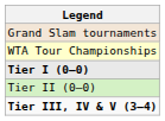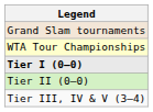 <table class="wikitable sortable">
 <tr>
 <th>Legend</th>
 </tr>
 <tr>
 <td bgcolor=#f3e6d7>Grand Slam tournaments</td>
 </tr>
 <tr>
 <td bgcolor=#ffffcc>WTA Tour Championships</td>
 </tr>
 <tr>
 <td bgcolor=#e9e9e9><strong>Tier I (0–0)</strong></td>
 </tr>
 <tr>
 <td bgcolor=#d4f1c5>Tier II (0–0)</td>
 </tr>
 <tr>
-<td><strong>Tier III, IV & V (3–4)</strong></td>
+<td>Tier III, IV & V (3–4)</td>
 </tr>
 </table>
